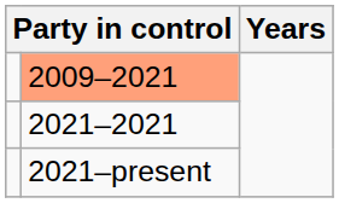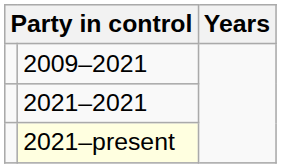 <table class="wikitable">
 <tr>
 <th colspan="2">Party in control</th>
 <th>Years</th>
 </tr>
 <tr>
 <td></td>
-<td style="background: lightsalmon;">2009–2021</td>
+<td>2009–2021</td>
 </tr>
 <tr>
 <td></td>
 <td>2021–2021</td>
 </tr>
 <tr>
 <td></td>
-<td>2021–present</td>
+<td style="background: lightyellow;">2021–present</td>
 </tr>
 </table>
